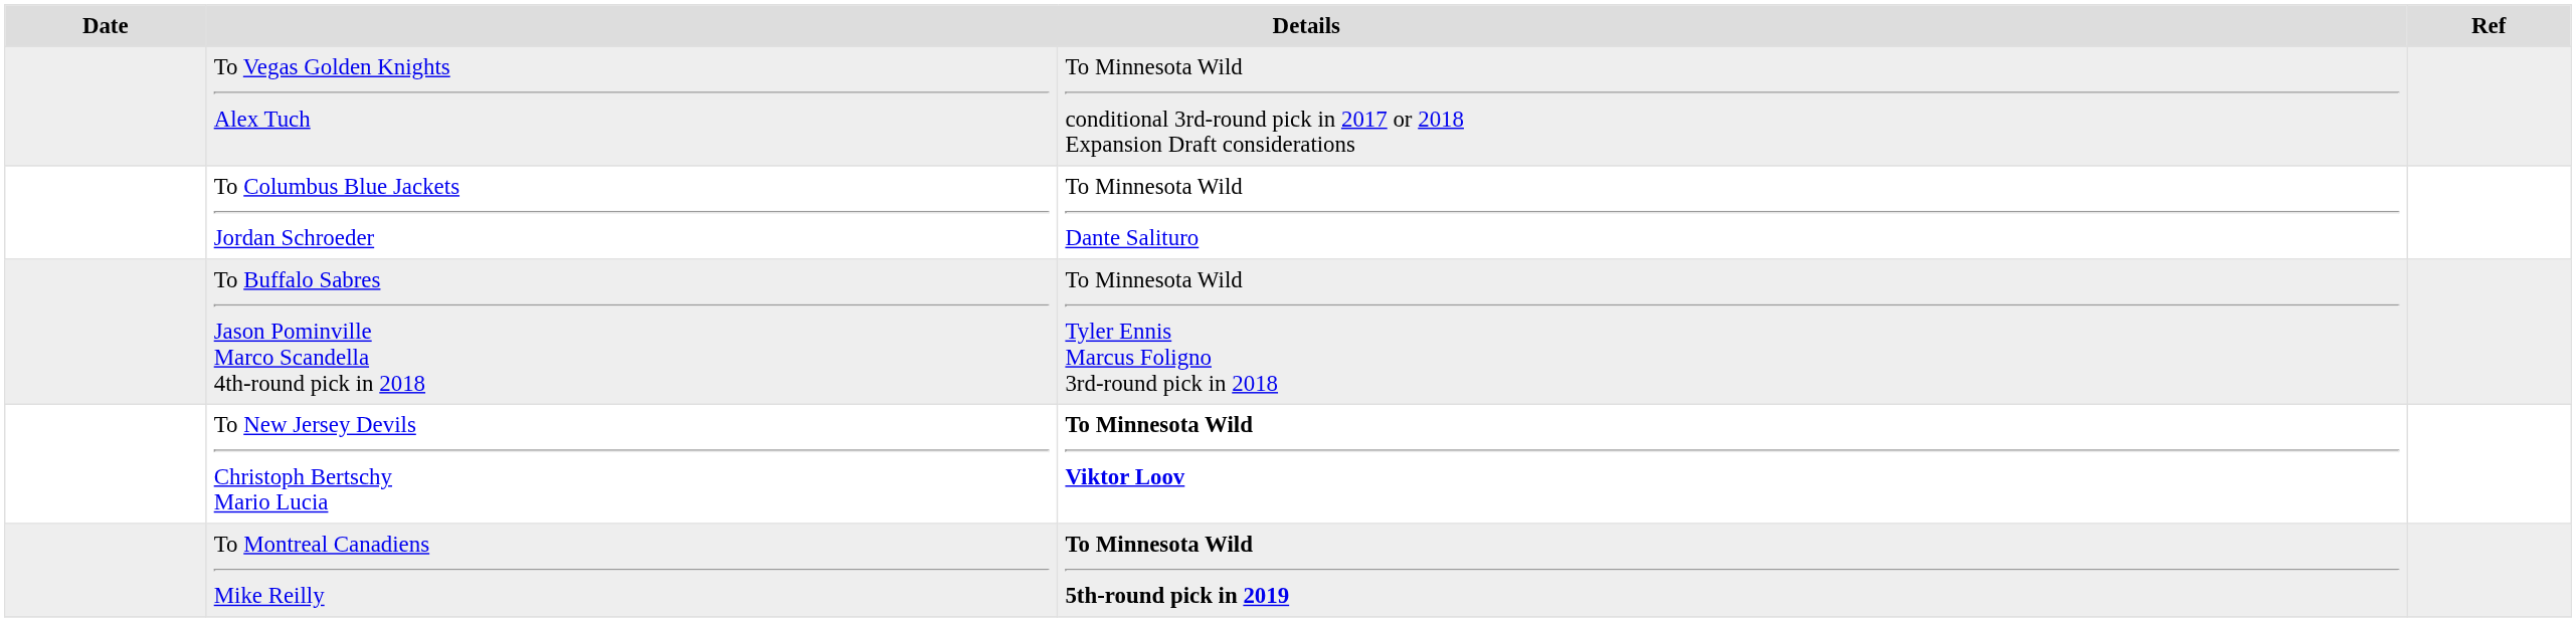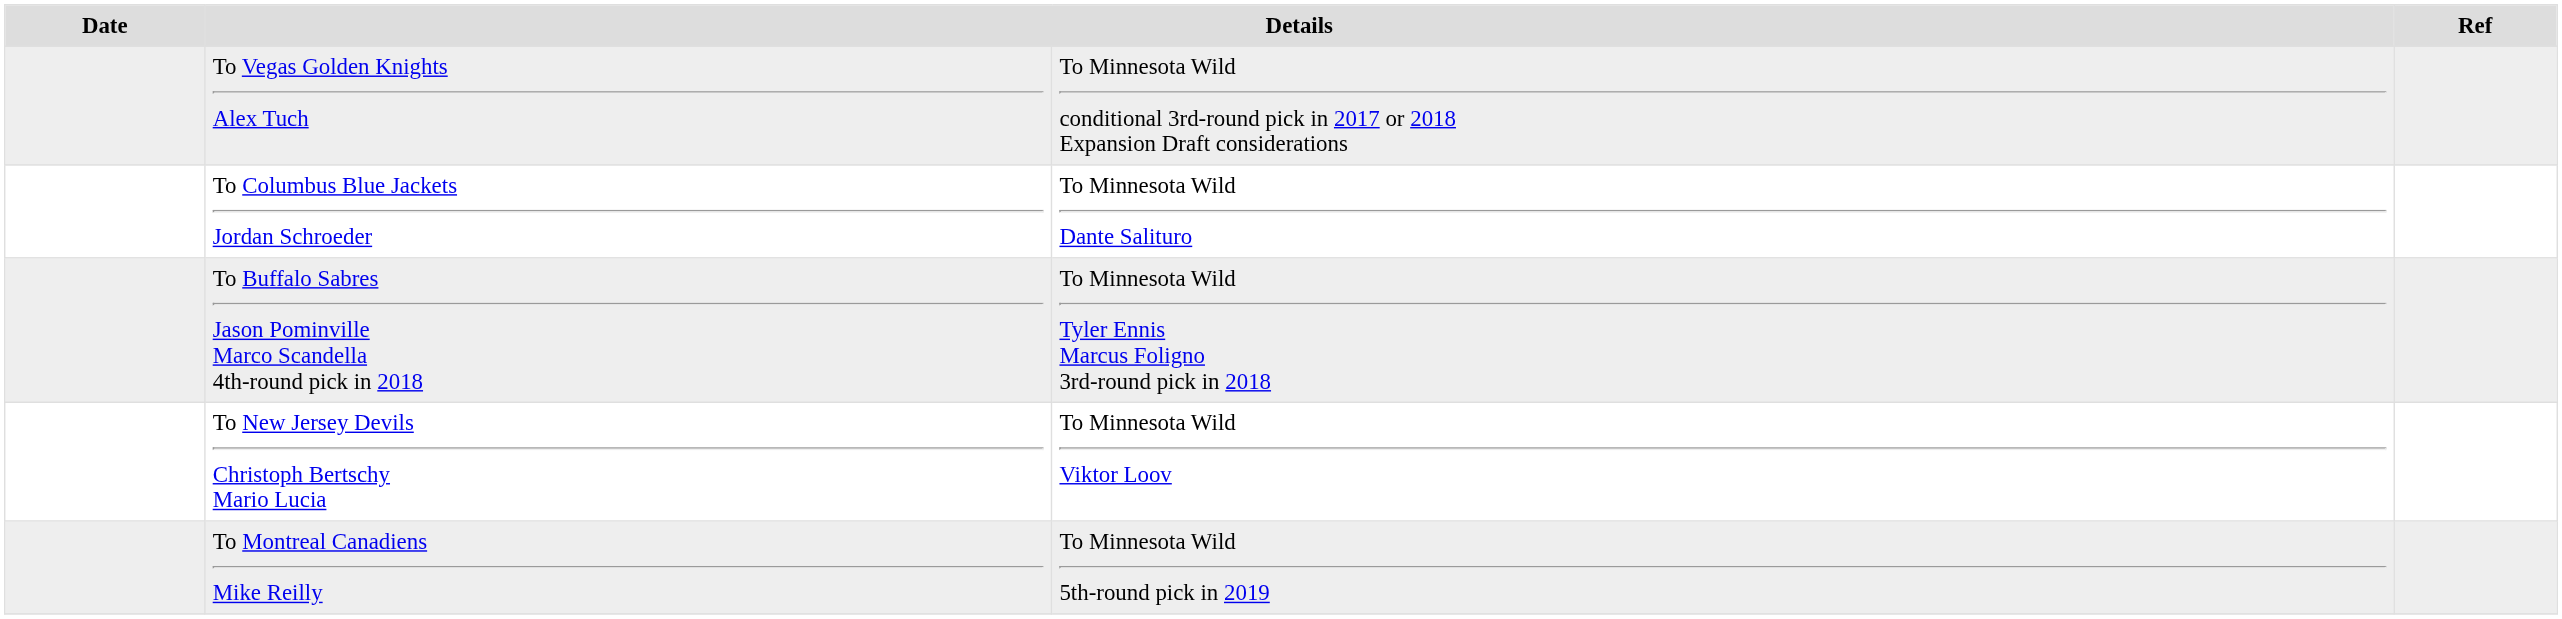 <table border=1 style="border-collapse:collapse" bordercolor="#DFDFDF" cellpadding="5" width=90%>
 <tr style="background:#ddd;">
 <th>Date</th>
 <th colspan="2">Details</th>
 <th>Ref</th>
 </tr>
 <tr style="background:#eee;">
 <td></td>
 <td valign="top">To <a href='#'>Vegas Golden Knights</a><hr><a href='#'>Alex Tuch</a></td>
 <td valign="top">To Minnesota Wild<hr>conditional 3rd-round pick in <a href='#'>2017</a> or <a href='#'>2018</a><br>Expansion Draft considerations</td>
 <td></td>
 </tr>
 <tr>
 <td></td>
 <td valign="top">To <a href='#'>Columbus Blue Jackets</a><hr><a href='#'>Jordan Schroeder</a></td>
 <td valign="top">To Minnesota Wild<hr><a href='#'>Dante Salituro</a></td>
 <td></td>
 </tr>
 <tr style="background:#eee;">
 <td></td>
 <td valign="top">To <a href='#'>Buffalo Sabres</a><hr><a href='#'>Jason Pominville</a><br><a href='#'>Marco Scandella</a><br>4th-round pick in <a href='#'>2018</a></td>
 <td valign="top">To Minnesota Wild<hr><a href='#'>Tyler Ennis</a><br><a href='#'>Marcus Foligno</a><br>3rd-round pick in <a href='#'>2018</a></td>
 <td></td>
 </tr>
 <tr>
 <td></td>
 <td valign="top">To <a href='#'>New Jersey Devils</a><hr><a href='#'>Christoph Bertschy</a><br><a href='#'>Mario Lucia</a></td>
-<td valign="top"><strong>To Minnesota Wild<hr><a href='#'>Viktor Loov</a></strong></td>
+<td valign="top">To Minnesota Wild<hr><a href='#'>Viktor Loov</a></td>
 <td></td>
 </tr>
 <tr style="background:#eee;">
 <td></td>
 <td valign="top">To <a href='#'>Montreal Canadiens</a><hr><a href='#'>Mike Reilly</a></td>
-<td valign="top"><strong>To Minnesota Wild<hr>5th-round pick in <a href='#'>2019</a></strong></td>
+<td valign="top">To Minnesota Wild<hr>5th-round pick in <a href='#'>2019</a></td>
 <td></td>
 </tr>
 </table>
